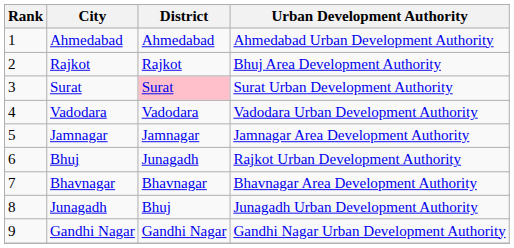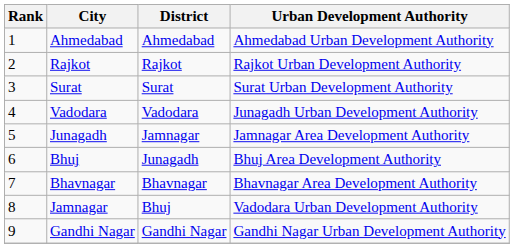 <table class="wikitable sortable">
 <tr>
 <th>Rank</th>
 <th>City</th>
 <th>District</th>
 <th>Urban Development Authority</th>
 </tr>
 <tr>
 <td>1</td>
 <td><a href='#'>Ahmedabad</a></td>
 <td><a href='#'>Ahmedabad</a></td>
 <td><a href='#'>Ahmedabad Urban Development Authority</a></td>
 </tr>
 <tr>
 <td>2</td>
 <td><a href='#'>Rajkot</a></td>
 <td><a href='#'>Rajkot</a></td>
-<td><a href='#'>Bhuj Area Development Authority</a></td>
+<td><a href='#'>Rajkot Urban Development Authority</a></td>
 </tr>
 <tr>
 <td>3</td>
 <td><a href='#'>Surat</a></td>
-<td style="background: pink;"><a href='#'>Surat</a></td>
+<td><a href='#'>Surat</a></td>
 <td><a href='#'>Surat Urban Development Authority</a></td>
 </tr>
 <tr>
 <td>4</td>
 <td><a href='#'>Vadodara</a></td>
 <td><a href='#'>Vadodara</a></td>
-<td><a href='#'>Vadodara Urban Development Authority</a></td>
+<td><a href='#'>Junagadh Urban Development Authority</a></td>
 </tr>
 <tr>
 <td>5</td>
-<td><a href='#'>Jamnagar</a></td>
+<td><a href='#'>Junagadh</a></td>
 <td><a href='#'>Jamnagar</a></td>
 <td><a href='#'>Jamnagar Area Development Authority</a></td>
 </tr>
 <tr>
 <td>6</td>
 <td><a href='#'>Bhuj</a></td>
 <td><a href='#'>Junagadh</a></td>
-<td><a href='#'>Rajkot Urban Development Authority</a></td>
+<td><a href='#'>Bhuj Area Development Authority</a></td>
 </tr>
 <tr>
 <td>7</td>
 <td><a href='#'>Bhavnagar</a></td>
 <td><a href='#'>Bhavnagar</a></td>
 <td><a href='#'>Bhavnagar Area Development Authority</a></td>
 </tr>
 <tr>
 <td>8</td>
-<td><a href='#'>Junagadh</a></td>
+<td><a href='#'>Jamnagar</a></td>
 <td><a href='#'>Bhuj</a></td>
-<td><a href='#'>Junagadh Urban Development Authority</a></td>
+<td><a href='#'>Vadodara Urban Development Authority</a></td>
 </tr>
 <tr>
 <td>9</td>
 <td><a href='#'>Gandhi Nagar</a></td>
 <td><a href='#'>Gandhi Nagar</a></td>
 <td><a href='#'>Gandhi Nagar Urban Development Authority</a></td>
 </tr>
 <tr>
 </tr>
 </table>
